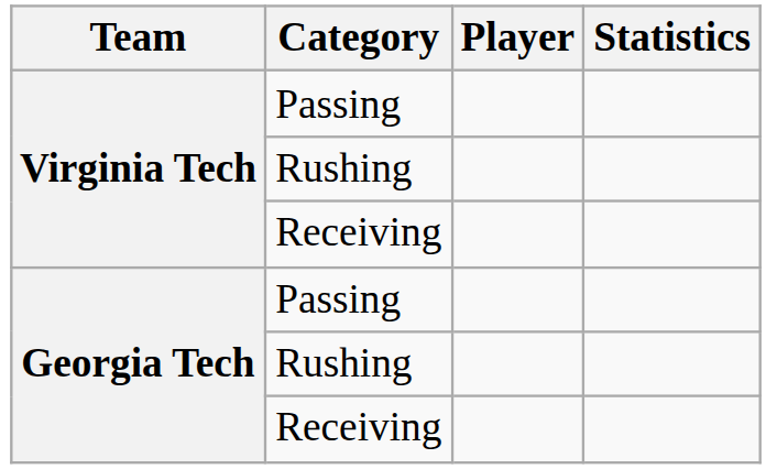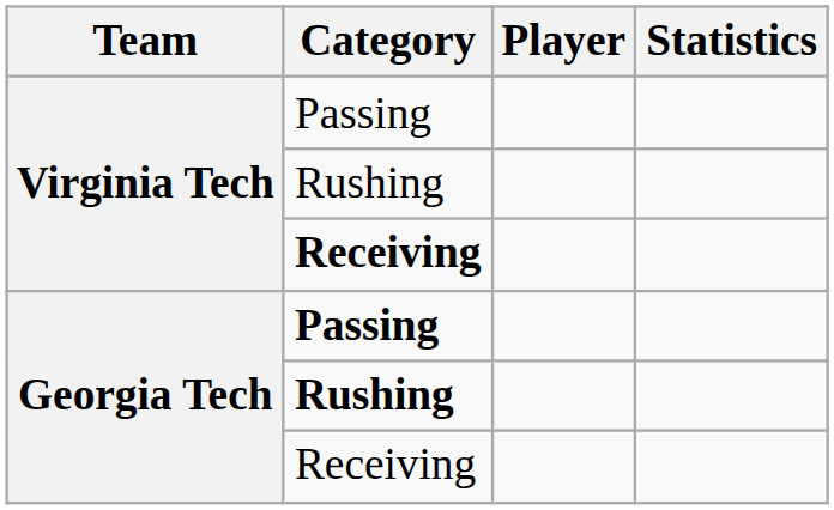 <table class="wikitable" style="float:right">
 <tr>
 <th>Team</th>
 <th>Category</th>
 <th>Player</th>
 <th>Statistics</th>
 </tr>
 <tr>
 <th rowspan=3>Virginia Tech</th>
 <td>Passing</td>
 <td></td>
 <td></td>
 </tr>
 <tr>
 <td>Rushing</td>
 <td></td>
 <td></td>
 </tr>
 <tr>
-<td>Receiving</td>
+<td><strong>Receiving</strong></td>
 <td></td>
 <td></td>
 </tr>
 <tr>
 <th rowspan=3>Georgia Tech</th>
-<td>Passing</td>
+<td><strong>Passing</strong></td>
 <td></td>
 <td></td>
 </tr>
 <tr>
-<td>Rushing</td>
+<td><strong>Rushing</strong></td>
 <td></td>
 <td></td>
 </tr>
 <tr>
 <td>Receiving</td>
 <td></td>
 <td></td>
 </tr>
 </table>
